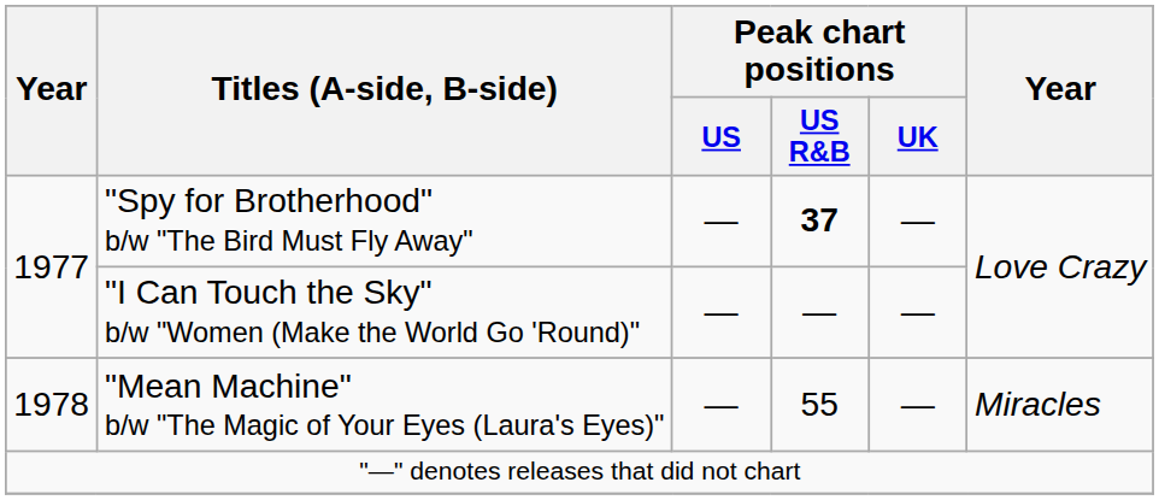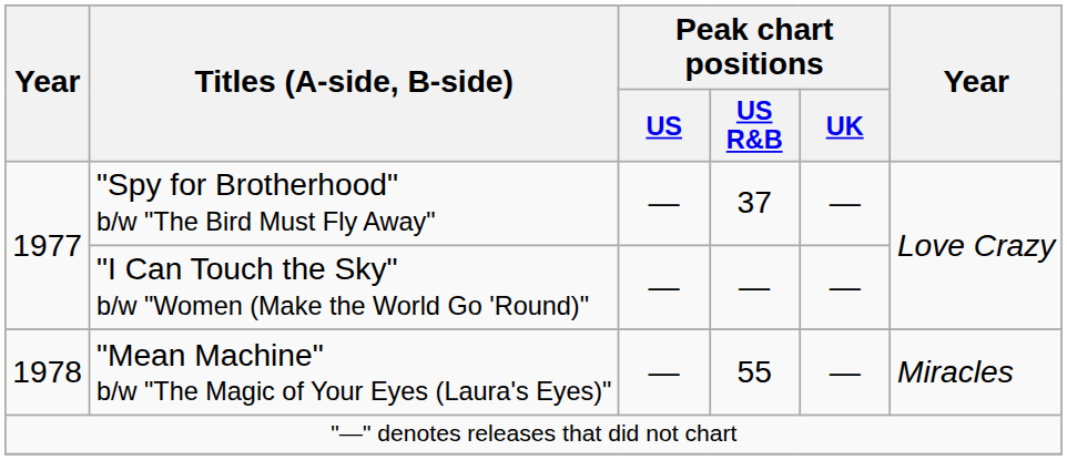 <table class="wikitable">
 <tr>
 <th rowspan="2">Year</th>
 <th rowspan="2">Titles (A-side, B-side)</th>
 <th colspan="3">Peak chart positions</th>
 <th rowspan="2">Year</th>
 </tr>
 <tr style="font-size:smaller;">
 <th width="40"><a href='#'>US</a><br></th>
 <th width="40"><a href='#'>US R&B</a><br></th>
 <th width="40"><a href='#'>UK</a><br></th>
 </tr>
 <tr>
 <td rowspan="2">1977</td>
 <td>"Spy for Brotherhood"<br><small>b/w "The Bird Must Fly Away"</small></td>
 <td align="center">—</td>
-<td align="center"><strong>37</strong></td>
+<td align="center">37</td>
 <td align="center">—</td>
 <td align="left" rowspan="2"><em>Love Crazy</em></td>
 </tr>
 <tr>
 <td>"I Can Touch the Sky"<br><small>b/w "Women (Make the World Go 'Round)"</small></td>
 <td align="center">—</td>
 <td align="center">—</td>
 <td align="center">—</td>
 </tr>
 <tr>
 <td>1978</td>
 <td>"Mean Machine"<br><small>b/w "The Magic of Your Eyes (Laura's Eyes)"</small></td>
 <td align="center">—</td>
 <td align="center">55</td>
 <td align="center">—</td>
 <td align="left"><em>Miracles</em></td>
 </tr>
 <tr>
 <td align="center" colspan="6" style="font-size:9pt">"—" denotes releases that did not chart</td>
 </tr>
 <tr>
 </tr>
 </table>
